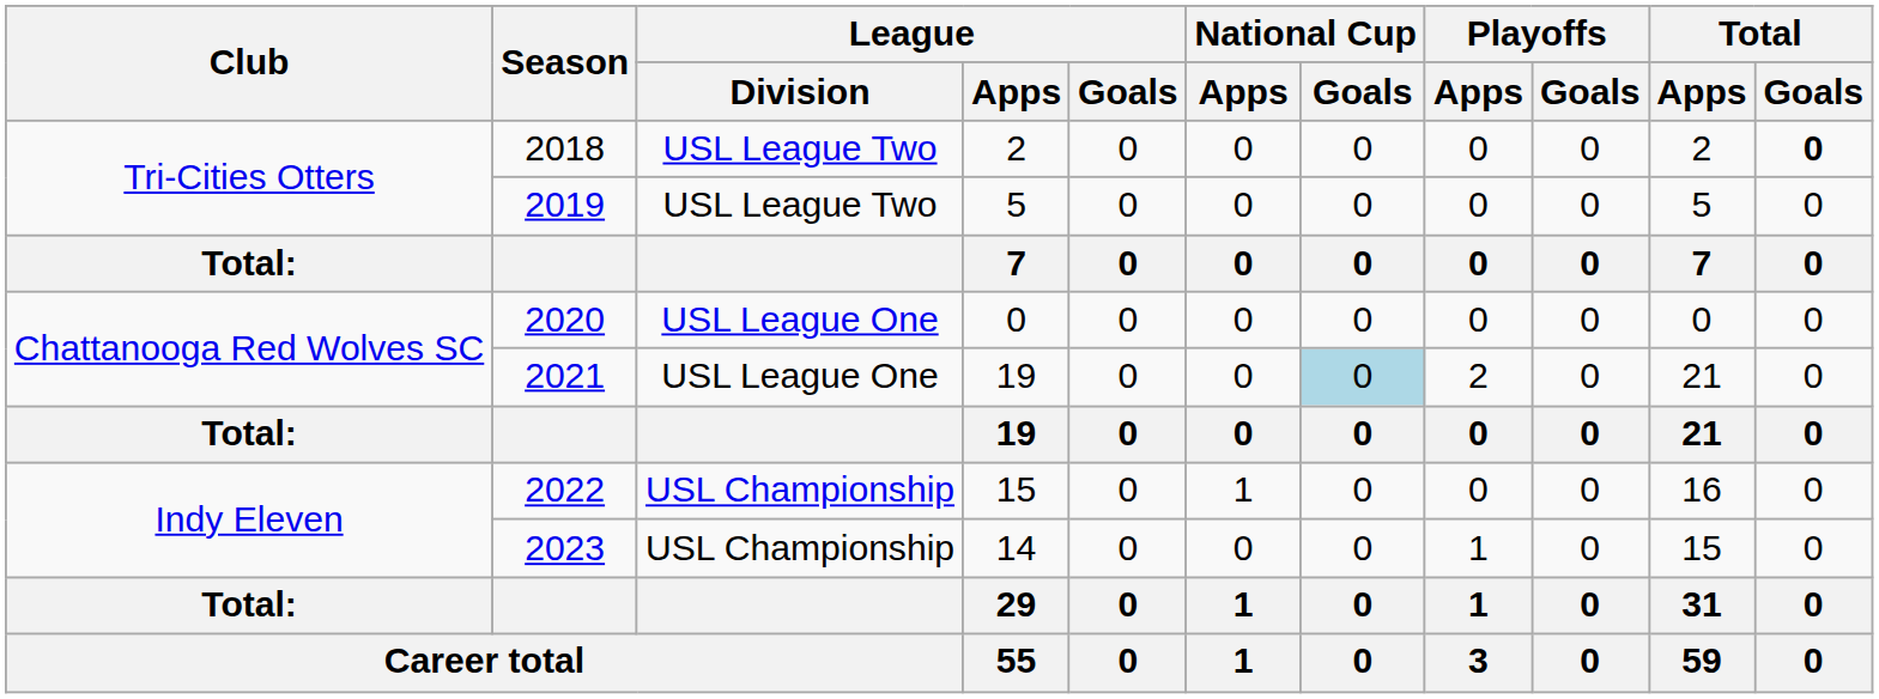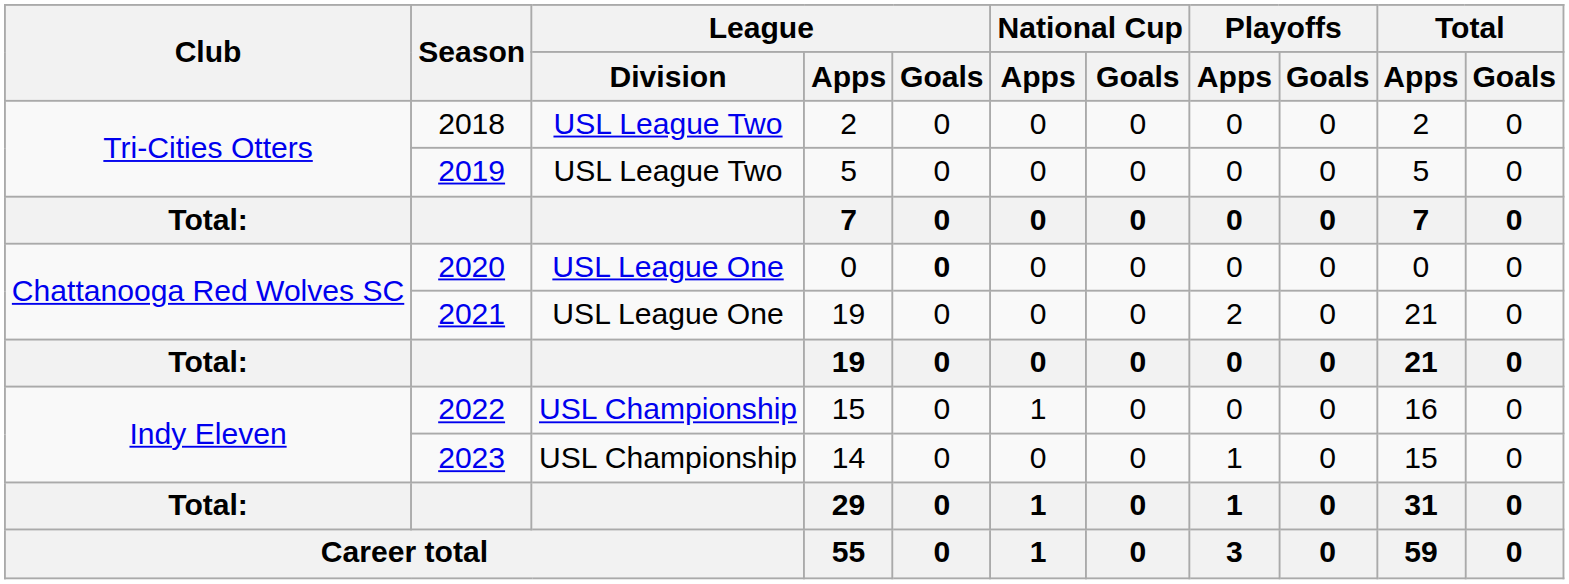 <table class="wikitable" style="text-align:center">
 <tr>
 <th rowspan="2">Club</th>
 <th rowspan="2">Season</th>
 <th colspan="3">League</th>
 <th colspan="2">National Cup</th>
 <th colspan="2">Playoffs</th>
 <th colspan="2">Total</th>
 </tr>
 <tr>
 <th>Division</th>
 <th>Apps</th>
 <th>Goals</th>
 <th>Apps</th>
 <th>Goals</th>
 <th>Apps</th>
 <th>Goals</th>
 <th>Apps</th>
 <th>Goals</th>
 </tr>
 <tr>
 <td rowspan="2"><a href='#'>Tri-Cities Otters</a></td>
 <td>2018</td>
 <td><a href='#'>USL League Two</a></td>
 <td>2</td>
 <td>0</td>
 <td>0</td>
 <td>0</td>
 <td>0</td>
 <td>0</td>
 <td>2</td>
-<td><strong>0</strong></td>
+<td>0</td>
 </tr>
 <tr>
 <td><a href='#'>2019</a></td>
 <td>USL League Two</td>
 <td>5</td>
 <td>0</td>
 <td>0</td>
 <td>0</td>
 <td>0</td>
 <td>0</td>
 <td>5</td>
 <td>0</td>
 </tr>
 <tr>
 <th>Total:</th>
 <th></th>
 <th></th>
 <th>7</th>
 <th>0</th>
 <th>0</th>
 <th>0</th>
 <th>0</th>
 <th>0</th>
 <th>7</th>
 <th>0</th>
 </tr>
 <tr>
 <td rowspan="2"><a href='#'>Chattanooga Red Wolves SC</a></td>
 <td><a href='#'>2020</a></td>
 <td><a href='#'>USL League One</a></td>
 <td>0</td>
-<td>0</td>
+<td><strong>0</strong></td>
 <td>0</td>
 <td>0</td>
 <td>0</td>
 <td>0</td>
 <td>0</td>
 <td>0</td>
 </tr>
 <tr>
 <td><a href='#'>2021</a></td>
 <td>USL League One</td>
 <td>19</td>
 <td>0</td>
 <td>0</td>
-<td style="background: lightblue;">0</td>
+<td>0</td>
 <td>2</td>
 <td>0</td>
 <td>21</td>
 <td>0</td>
 </tr>
 <tr>
 <th>Total:</th>
 <th></th>
 <th></th>
 <th>19</th>
 <th>0</th>
 <th>0</th>
 <th>0</th>
 <th>0</th>
 <th>0</th>
 <th>21</th>
 <th>0</th>
 </tr>
 <tr>
 <td rowspan="2"><a href='#'>Indy Eleven</a></td>
 <td><a href='#'>2022</a></td>
 <td><a href='#'>USL Championship</a></td>
 <td>15</td>
 <td>0</td>
 <td>1</td>
 <td>0</td>
 <td>0</td>
 <td>0</td>
 <td>16</td>
 <td>0</td>
 </tr>
 <tr>
 <td><a href='#'>2023</a></td>
 <td>USL Championship</td>
 <td>14</td>
 <td>0</td>
 <td>0</td>
 <td>0</td>
 <td>1</td>
 <td>0</td>
 <td>15</td>
 <td>0</td>
 </tr>
 <tr>
 <th>Total:</th>
 <th></th>
 <th></th>
 <th>29</th>
 <th>0</th>
 <th>1</th>
 <th>0</th>
 <th>1</th>
 <th>0</th>
 <th>31</th>
 <th>0</th>
 </tr>
 <tr>
 <th colspan="3">Career total</th>
 <th>55</th>
 <th>0</th>
 <th>1</th>
 <th>0</th>
 <th>3</th>
 <th>0</th>
 <th>59</th>
 <th>0</th>
 </tr>
 </table>
